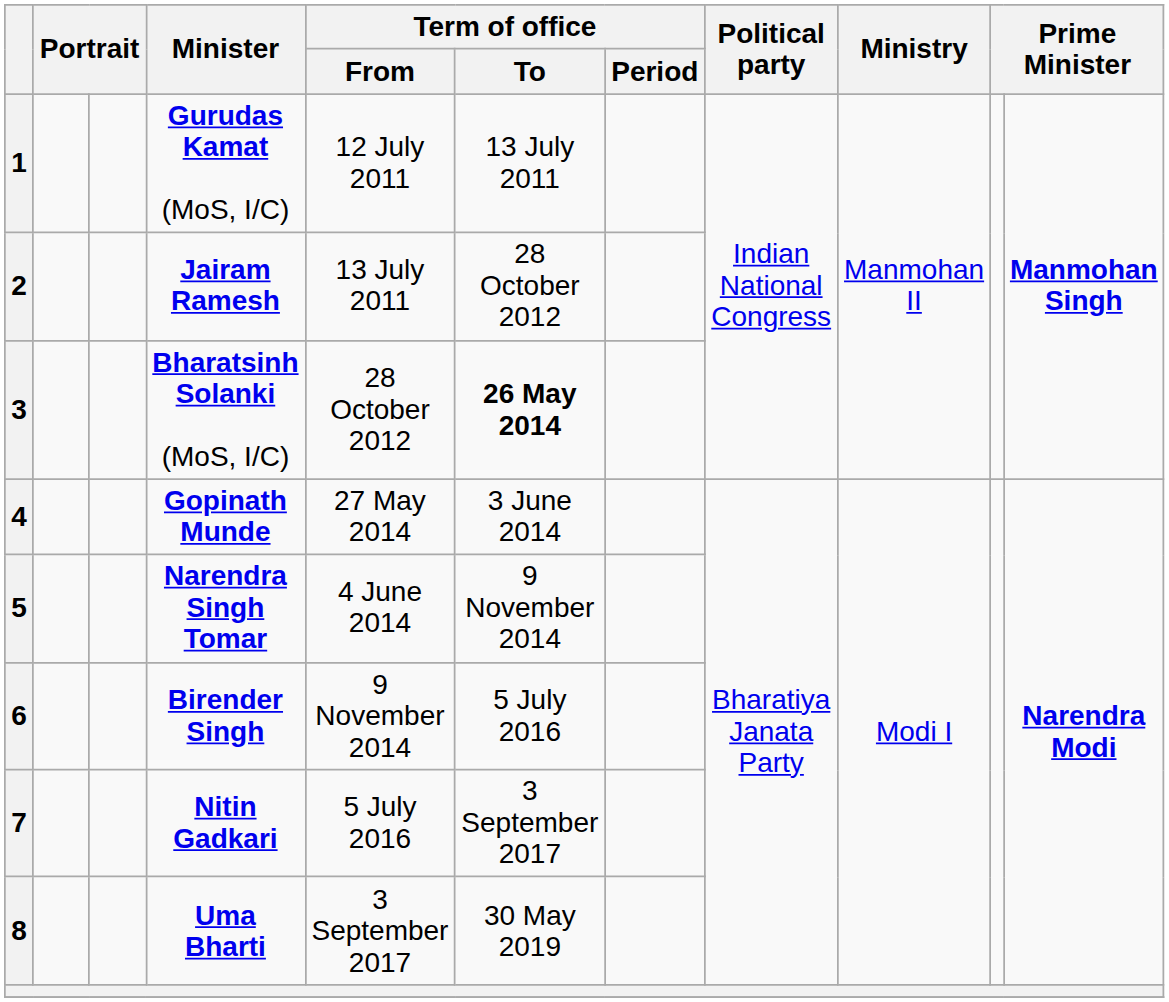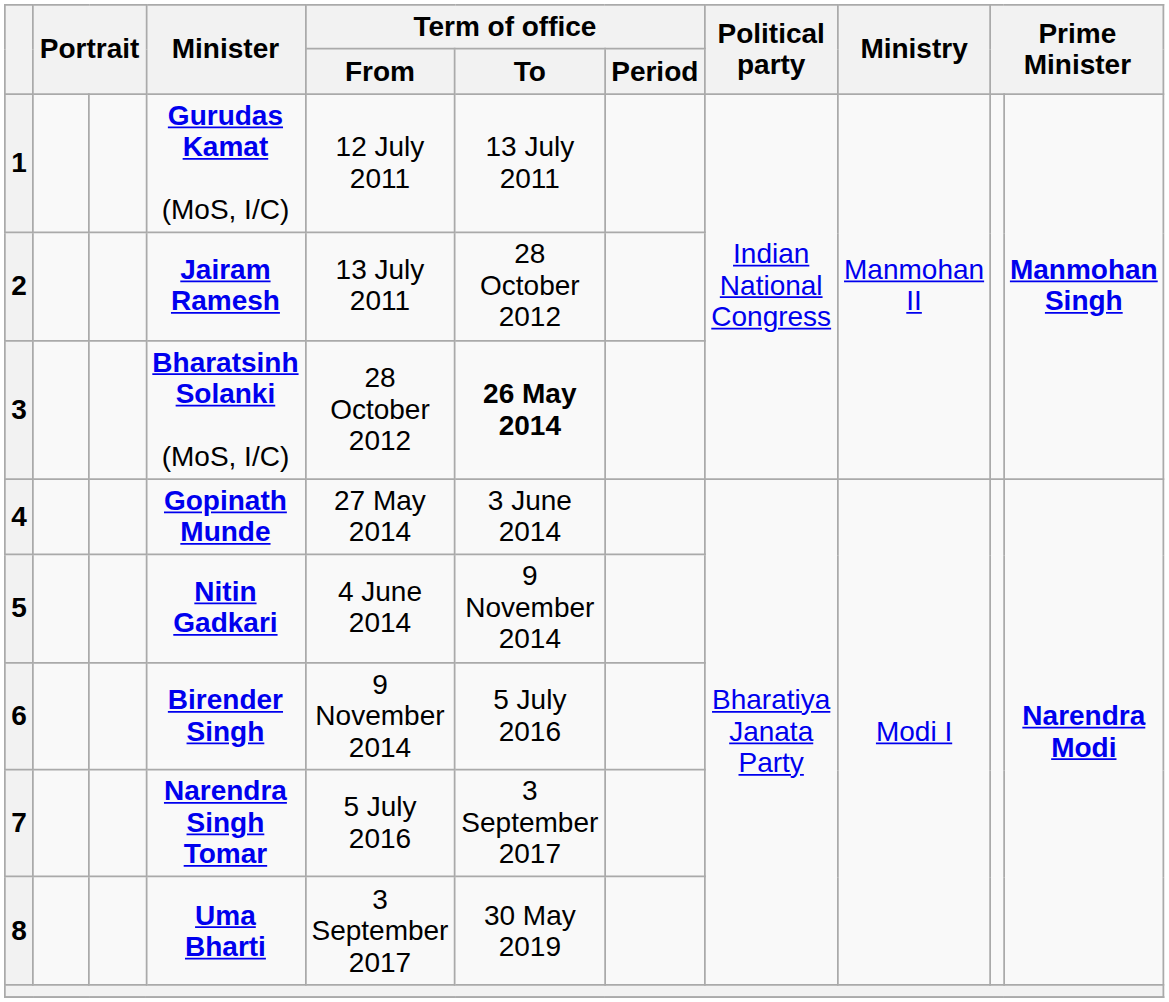 <table class="wikitable" style="text-align:center">
 <tr>
 <th rowspan="2"></th>
 <th rowspan="2" colspan="2">Portrait</th>
 <th rowspan="2" style="width:16em">Minister<br></th>
 <th colspan="3">Term of office</th>
 <th rowspan="2" style="width:8em">Political party</th>
 <th rowspan="2" style="width:6em">Ministry</th>
 <th rowspan="2" colspan="2">Prime Minister</th>
 </tr>
 <tr>
 <th style="width:8em">From</th>
 <th style="width:8em">To</th>
 <th style="width:6em">Period</th>
 </tr>
 <tr>
 <th>1</th>
 <td></td>
 <td></td>
 <td><strong><a href='#'>Gurudas Kamat</a></strong><br><br>(MoS, I/C)</td>
 <td>12 July<br>2011</td>
 <td>13 July<br>2011</td>
 <td><strong></strong></td>
 <td rowspan="3"><a href='#'>Indian National Congress</a></td>
 <td rowspan="3"><a href='#'>Manmohan II</a></td>
 <td rowspan="3"></td>
 <td rowspan="3" style="width:9em"><strong><a href='#'>Manmohan Singh</a></strong></td>
 </tr>
 <tr>
 <th>2</th>
 <td></td>
 <td></td>
 <td><strong><a href='#'>Jairam Ramesh</a></strong><br></td>
 <td>13 July<br>2011</td>
 <td>28 October<br>2012</td>
 <td><strong></strong></td>
 </tr>
 <tr>
 <th>3</th>
 <td></td>
 <td></td>
 <td><strong><a href='#'>Bharatsinh Solanki</a></strong><br><br>(MoS, I/C)</td>
 <td>28 October<br>2012</td>
 <td><strong>26 May<br>2014</strong></td>
 <td><strong></strong></td>
 </tr>
 <tr>
 <th>4</th>
 <td></td>
 <td></td>
 <td><strong><a href='#'>Gopinath Munde</a></strong><br></td>
 <td>27 May<br>2014</td>
 <td>3 June<br>2014<br></td>
 <td><strong></strong></td>
 <td rowspan="5"><a href='#'>Bharatiya Janata Party</a></td>
 <td rowspan="5"><a href='#'>Modi I</a></td>
 <td rowspan="5"></td>
 <td rowspan="5"><strong><a href='#'>Narendra Modi</a></strong></td>
 </tr>
 <tr>
 <th>5</th>
 <td></td>
 <td></td>
-<td><strong><a href='#'>Narendra Singh Tomar</a></strong><br></td>
+<td><strong><a href='#'>Nitin Gadkari</a></strong><br></td>
 <td>4 June<br>2014</td>
 <td>9 November<br>2014</td>
 <td><strong></strong></td>
 </tr>
 <tr>
 <th>6</th>
 <td></td>
 <td></td>
 <td><a href='#'><strong>Birender Singh</strong></a><br></td>
 <td>9 November<br>2014</td>
 <td>5 July<br>2016</td>
 <td><strong></strong></td>
 </tr>
 <tr>
 <th>7</th>
 <td></td>
 <td></td>
-<td><strong><a href='#'>Nitin Gadkari</a></strong><br></td>
+<td><strong><a href='#'>Narendra Singh Tomar</a></strong><br></td>
 <td>5 July<br>2016</td>
 <td>3 September<br>2017</td>
 <td><strong></strong></td>
 </tr>
 <tr>
 <th>8</th>
 <td></td>
 <td></td>
 <td><strong><a href='#'>Uma Bharti</a></strong><br></td>
 <td>3 September<br>2017</td>
 <td>30 May<br>2019</td>
 <td><strong></strong></td>
 </tr>
 <tr>
 <th colspan="11"></th>
 </tr>
 <tr>
 </tr>
 </table>
